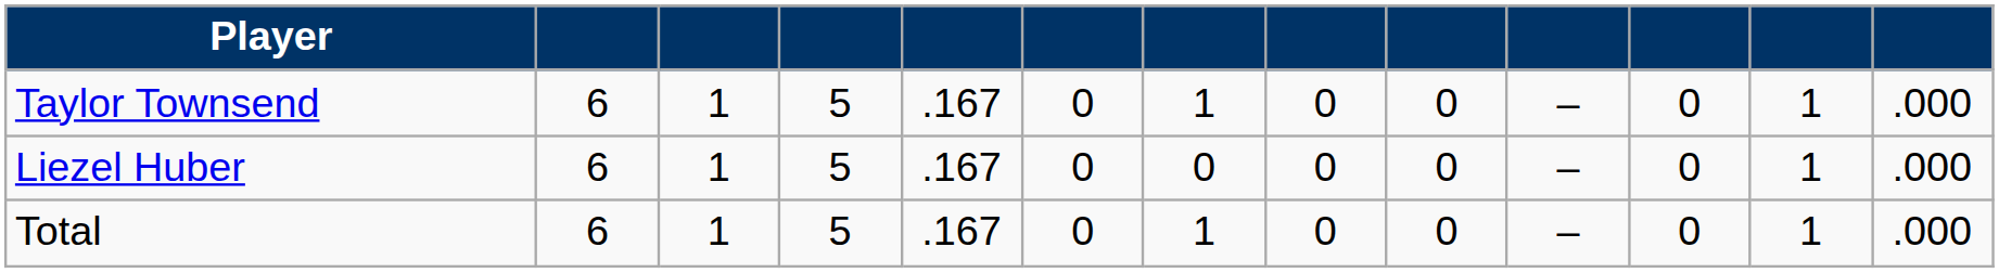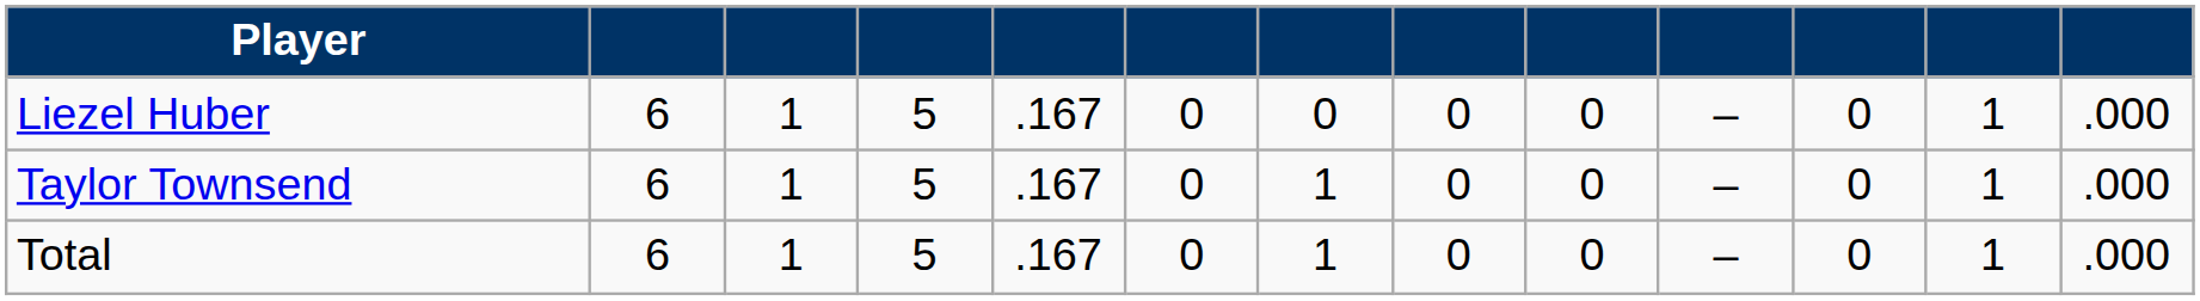 <table class="wikitable" style="text-align:center">
 <tr>
 <th style="background:#003366; color:white" width="200px">Player</th>
 <th style="background:#003366; color:white" width="40px"></th>
 <th style="background:#003366; color:white" width="40px"></th>
 <th style="background:#003366; color:white" width="40px"></th>
 <th style="background:#003366; color:white" width="40px"></th>
 <th style="background:#003366; color:white" width="40px"></th>
 <th style="background:#003366; color:white" width="40px"></th>
 <th style="background:#003366; color:white" width="40px"></th>
 <th style="background:#003366; color:white" width="40px"></th>
 <th style="background:#003366; color:white" width="40px"></th>
 <th style="background:#003366; color:white" width="40px"></th>
 <th style="background:#003366; color:white" width="40px"></th>
 <th style="background:#003366; color:white" width="40px"></th>
 </tr>
 <tr>
-<td style="text-align:left"><a href='#'>Taylor Townsend</a></td>
+<td style="text-align:left"><a href='#'>Liezel Huber</a></td>
 <td>6</td>
 <td>1</td>
 <td>5</td>
 <td>.167</td>
 <td>0</td>
-<td>1</td>
+<td>0</td>
 <td>0</td>
 <td>0</td>
 <td>–</td>
 <td>0</td>
 <td>1</td>
 <td>.000</td>
 </tr>
 <tr>
-<td style="text-align:left"><a href='#'>Liezel Huber</a></td>
+<td style="text-align:left"><a href='#'>Taylor Townsend</a></td>
 <td>6</td>
 <td>1</td>
 <td>5</td>
 <td>.167</td>
 <td>0</td>
-<td>0</td>
+<td>1</td>
 <td>0</td>
 <td>0</td>
 <td>–</td>
 <td>0</td>
 <td>1</td>
 <td>.000</td>
 </tr>
 <tr>
 <td style="text-align:left">Total</td>
 <td>6</td>
 <td>1</td>
 <td>5</td>
 <td>.167</td>
 <td>0</td>
 <td>1</td>
 <td>0</td>
 <td>0</td>
 <td>–</td>
 <td>0</td>
 <td>1</td>
 <td>.000</td>
 </tr>
 </table>
